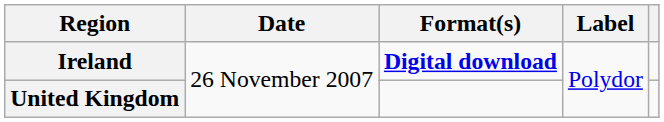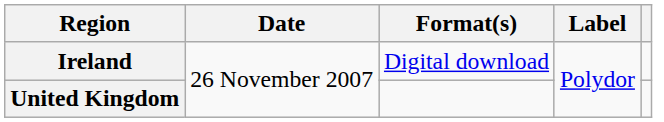 <table class="wikitable plainrowheaders">
 <tr>
 <th scope="col">Region</th>
 <th scope="col">Date</th>
 <th scope="col">Format(s)</th>
 <th scope="col">Label</th>
 <th scope="col"></th>
 </tr>
 <tr>
 <th scope="row">Ireland</th>
 <td rowspan="2">26 November 2007</td>
-<td><strong><a href='#'>Digital download</a></strong></td>
+<td><a href='#'>Digital download</a></td>
 <td rowspan="2"><a href='#'>Polydor</a></td>
 <td align="center"></td>
 </tr>
 <tr>
 <th scope="row">United Kingdom</th>
 <td></td>
 <td align="center"></td>
 </tr>
 </table>
